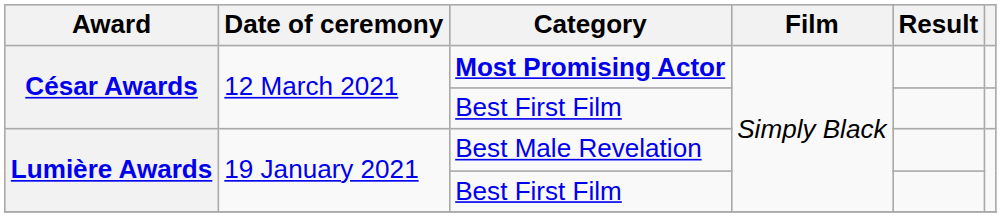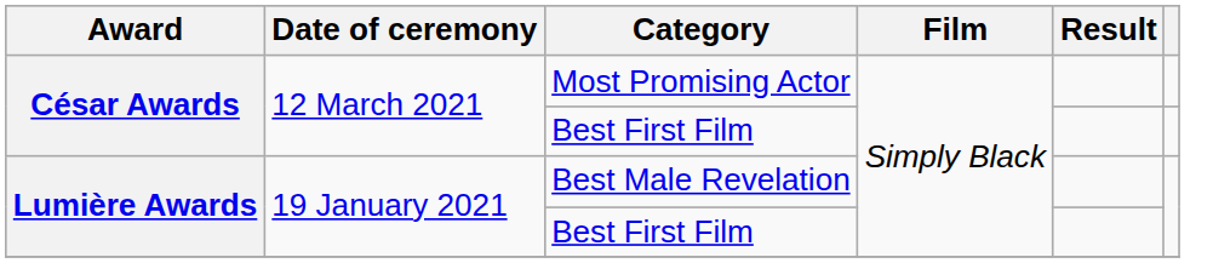 <table class="wikitable sortable plainrowheaders">
 <tr>
 <th scope="col">Award</th>
 <th scope="col">Date of ceremony</th>
 <th scope="col">Category</th>
 <th scope="col">Film</th>
 <th scope="col">Result</th>
 <th scope="col" class="unsortable"></th>
 </tr>
 <tr>
 <th rowspan="2" scope="row"><a href='#'>César Awards</a></th>
 <td rowspan="2"><a href='#'>12 March 2021</a></td>
-<td><strong><a href='#'>Most Promising Actor</a></strong></td>
+<td><a href='#'>Most Promising Actor</a></td>
 <td rowspan="4"><em>Simply Black</em></td>
 <td></td>
 <td align="center"></td>
 </tr>
 <tr>
 <td><a href='#'>Best First Film</a></td>
 <td></td>
 <td align="center"></td>
 </tr>
 <tr>
 <th rowspan="2" scope="row"><a href='#'>Lumière Awards</a></th>
 <td rowspan="2"><a href='#'>19 January 2021</a></td>
 <td><a href='#'>Best Male Revelation</a></td>
 <td></td>
 <td rowspan="2" align="center"></td>
 </tr>
 <tr>
 <td><a href='#'>Best First Film</a></td>
 <td></td>
 </tr>
 <tr>
 </tr>
 </table>
